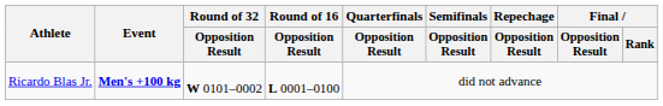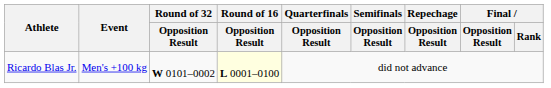 <table class="wikitable" style="font-size:90%">
 <tr>
 <th rowspan="2">Athlete</th>
 <th rowspan="2">Event</th>
 <th>Round of 32</th>
 <th>Round of 16</th>
 <th>Quarterfinals</th>
 <th>Semifinals</th>
 <th>Repechage</th>
 <th colspan=2>Final / </th>
 </tr>
 <tr style="font-size:95%">
 <th>Opposition<br>Result</th>
 <th>Opposition<br>Result</th>
 <th>Opposition<br>Result</th>
 <th>Opposition<br>Result</th>
 <th>Opposition<br>Result</th>
 <th>Opposition<br>Result</th>
 <th>Rank</th>
 </tr>
 <tr align=center>
 <td align=left><a href='#'>Ricardo Blas Jr.</a></td>
-<td align=left><strong><a href='#'>Men's +100 kg</a></strong></td>
+<td align=left><a href='#'>Men's +100 kg</a></td>
 <td><br><strong>W</strong> 0101–0002</td>
-<td><br><strong>L</strong> 0001–0100</td>
+<td style="background: lightyellow;"><br><strong>L</strong> 0001–0100</td>
 <td colspan=5>did not advance</td>
 </tr>
 </table>
